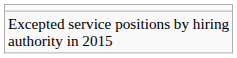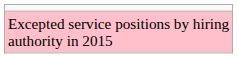 <table class="wikitable floatright">
 <tr>
 <td></td>
 </tr>
 <tr>
-<td>Excepted service positions by hiring <br>authority in 2015</td>
+<td style="background: pink;">Excepted service positions by hiring <br>authority in 2015</td>
 </tr>
 </table>
